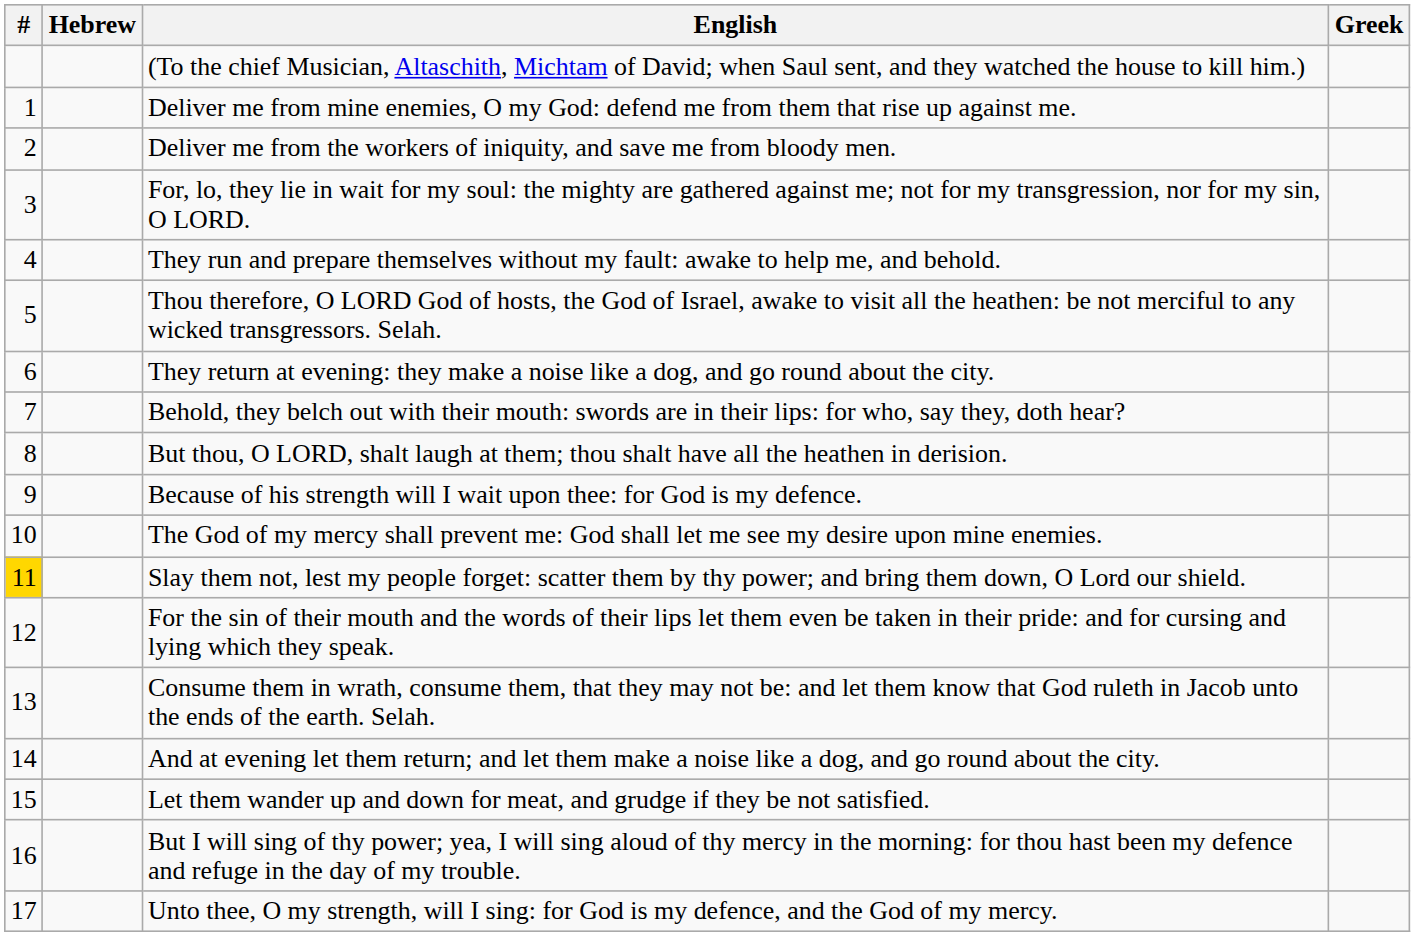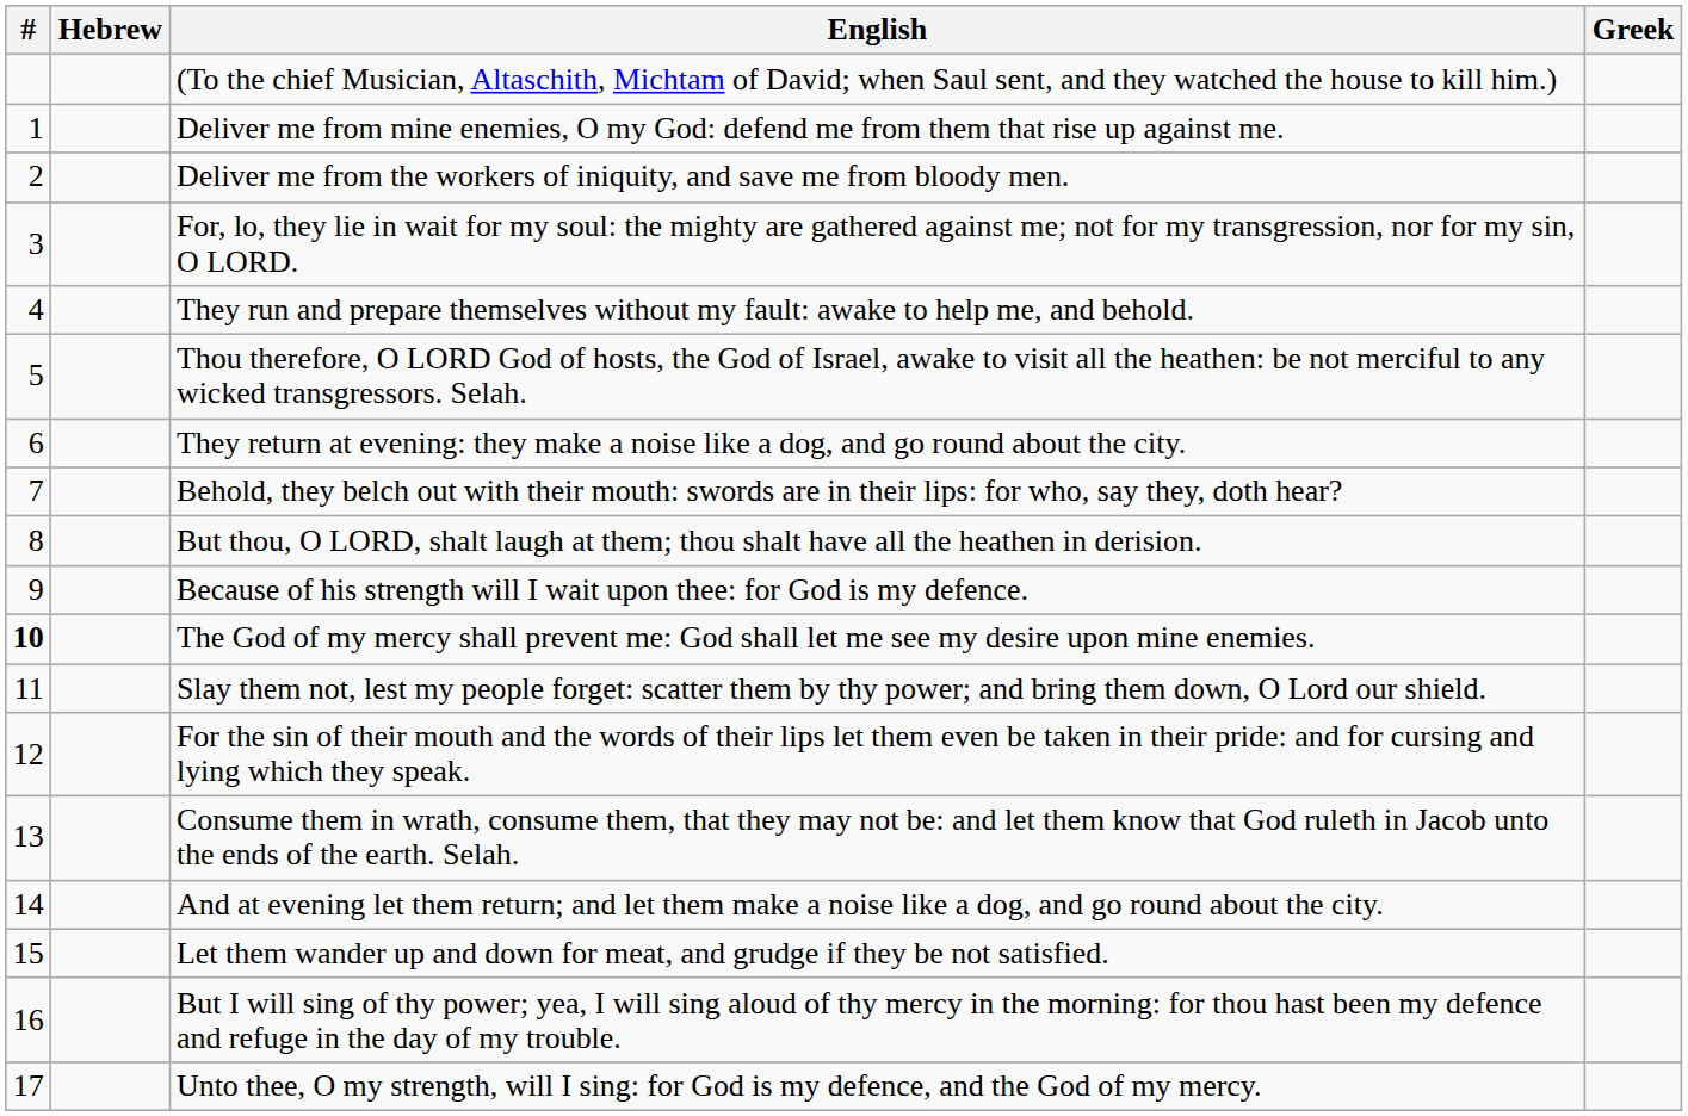 <table class=wikitable>
 <tr>
 <th>#</th>
 <th>Hebrew</th>
 <th>English</th>
 <th>Greek</th>
 </tr>
 <tr>
 <td style="text-align:right"></td>
 <td style="text-align:right"></td>
 <td>(To the chief Musician, <a href='#'>Altaschith</a>, <a href='#'>Michtam</a> of David; when Saul sent, and they watched the house to kill him.)</td>
 <td></td>
 </tr>
 <tr>
 <td style="text-align:right">1</td>
 <td style="text-align:right"></td>
 <td>Deliver me from mine enemies, O my God: defend me from them that rise up against me.</td>
 <td></td>
 </tr>
 <tr>
 <td style="text-align:right">2</td>
 <td style="text-align:right"></td>
 <td>Deliver me from the workers of iniquity, and save me from bloody men.</td>
 <td></td>
 </tr>
 <tr>
 <td style="text-align:right">3</td>
 <td style="text-align:right"></td>
 <td>For, lo, they lie in wait for my soul: the mighty are gathered against me; not for my transgression, nor for my sin, O LORD.</td>
 <td></td>
 </tr>
 <tr>
 <td style="text-align:right">4</td>
 <td style="text-align:right"></td>
 <td>They run and prepare themselves without my fault: awake to help me, and behold.</td>
 <td></td>
 </tr>
 <tr>
 <td style="text-align:right">5</td>
 <td style="text-align:right"></td>
 <td>Thou therefore, O LORD God of hosts, the God of Israel, awake to visit all the heathen: be not merciful to any wicked transgressors. Selah.</td>
 <td></td>
 </tr>
 <tr>
 <td style="text-align:right">6</td>
 <td style="text-align:right"></td>
 <td>They return at evening: they make a noise like a dog, and go round about the city.</td>
 <td></td>
 </tr>
 <tr>
 <td style="text-align:right">7</td>
 <td style="text-align:right"></td>
 <td>Behold, they belch out with their mouth: swords are in their lips: for who, say they, doth hear?</td>
 <td></td>
 </tr>
 <tr>
 <td style="text-align:right">8</td>
 <td style="text-align:right"></td>
 <td>But thou, O LORD, shalt laugh at them; thou shalt have all the heathen in derision.</td>
 <td></td>
 </tr>
 <tr>
 <td style="text-align:right">9</td>
 <td style="text-align:right"></td>
 <td>Because of his strength will I wait upon thee: for God is my defence.</td>
 <td></td>
 </tr>
 <tr>
-<td style="text-align:right">10</td>
+<td style="text-align:right"><strong>10</strong></td>
 <td style="text-align:right"></td>
 <td>The God of my mercy shall prevent me: God shall let me see my desire upon mine enemies.</td>
 <td></td>
 </tr>
 <tr>
-<td style="background: gold; text-align:right">11</td>
+<td style="text-align:right">11</td>
 <td style="text-align:right"></td>
 <td>Slay them not, lest my people forget: scatter them by thy power; and bring them down, O Lord our shield.</td>
 <td></td>
 </tr>
 <tr>
 <td style="text-align:right">12</td>
 <td style="text-align:right"></td>
 <td>For the sin of their mouth and the words of their lips let them even be taken in their pride: and for cursing and lying which they speak.</td>
 <td></td>
 </tr>
 <tr>
 <td style="text-align:right">13</td>
 <td style="text-align:right"></td>
 <td>Consume them in wrath, consume them, that they may not be: and let them know that God ruleth in Jacob unto the ends of the earth. Selah.</td>
 <td></td>
 </tr>
 <tr>
 <td style="text-align:right">14</td>
 <td style="text-align:right"></td>
 <td>And at evening let them return; and let them make a noise like a dog, and go round about the city.</td>
 <td></td>
 </tr>
 <tr>
 <td style="text-align:right">15</td>
 <td style="text-align:right"></td>
 <td>Let them wander up and down for meat, and grudge if they be not satisfied.</td>
 <td></td>
 </tr>
 <tr>
 <td style="text-align:right">16</td>
 <td style="text-align:right"></td>
 <td>But I will sing of thy power; yea, I will sing aloud of thy mercy in the morning: for thou hast been my defence and refuge in the day of my trouble.</td>
 <td></td>
 </tr>
 <tr>
 <td style="text-align:right">17</td>
 <td style="text-align:right"></td>
 <td>Unto thee, O my strength, will I sing: for God is my defence, and the God of my mercy.</td>
 <td></td>
 </tr>
 <tr>
 </tr>
 </table>
